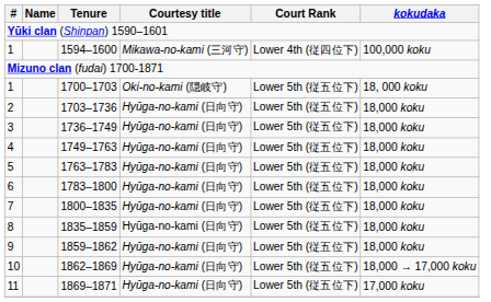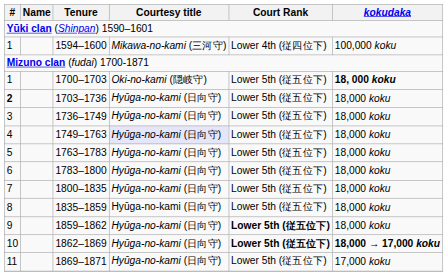 <table class=wikitable>
 <tr>
 <th>#</th>
 <th>Name</th>
 <th>Tenure</th>
 <th>Courtesy title</th>
 <th>Court Rank</th>
 <th><em><a href='#'>kokudaka</a></em></th>
 </tr>
 <tr>
 <td colspan=6> <strong><a href='#'>Yūki clan</a></strong> (<em><a href='#'>Shinpan</a></em>) 1590–1601</td>
 </tr>
 <tr>
 <td>1</td>
 <td></td>
 <td>1594–1600</td>
 <td><em>Mikawa-no-kami</em> (三河守)</td>
 <td>Lower 4th (従四位下)</td>
 <td>100,000 <em>koku</em></td>
 </tr>
 <tr>
 <td colspan=6> <strong><a href='#'>Mizuno clan</a></strong> (<em>fudai</em>) 1700-1871</td>
 </tr>
 <tr>
 <td>1</td>
 <td></td>
 <td>1700–1703</td>
 <td><em>Oki-no-kami</em> (隠岐守)</td>
 <td>Lower 5th (従五位下)</td>
-<td>18, 000 <em>koku</em></td>
+<td><strong>18, 000 <em>koku</em></strong></td>
 </tr>
 <tr>
-<td>2</td>
+<td><strong>2</strong></td>
 <td></td>
 <td>1703–1736</td>
 <td><em>Hyūga-no-kami</em> (日向守)</td>
 <td>Lower 5th (従五位下)</td>
 <td>18,000 <em>koku</em></td>
 </tr>
 <tr>
 <td>3</td>
 <td></td>
 <td>1736–1749</td>
 <td><em>Hyūga-no-kami</em> (日向守)</td>
 <td>Lower 5th (従五位下)</td>
 <td>18,000 <em>koku</em></td>
 </tr>
 <tr>
 <td>4</td>
 <td></td>
 <td>1749–1763</td>
-<td><em>Hyūga-no-kami</em> (日向守)</td>
+<td style="background: lavender;"><em>Hyūga-no-kami</em> (日向守)</td>
 <td>Lower 5th (従五位下)</td>
 <td>18,000 <em>koku</em></td>
 </tr>
 <tr>
 <td>5</td>
 <td></td>
 <td>1763–1783</td>
 <td><em>Hyūga-no-kami</em> (日向守)</td>
 <td>Lower 5th (従五位下)</td>
 <td>18,000 <em>koku</em></td>
 </tr>
 <tr>
 <td>6</td>
 <td></td>
 <td>1783–1800</td>
 <td><em>Hyūga-no-kami</em> (日向守)</td>
 <td>Lower 5th (従五位下)</td>
 <td>18,000 <em>koku</em></td>
 </tr>
 <tr>
 <td>7</td>
 <td></td>
 <td>1800–1835</td>
 <td><em>Hyūga-no-kami</em> (日向守)</td>
 <td>Lower 5th (従五位下)</td>
 <td>18,000 <em>koku</em></td>
 </tr>
 <tr>
 <td>8</td>
 <td></td>
 <td>1835–1859</td>
 <td>Hyūga-no-kami (日向守)</td>
 <td>Lower 5th (従五位下)</td>
 <td>18,000 <em>koku</em></td>
 </tr>
 <tr>
 <td>9</td>
 <td></td>
 <td>1859–1862</td>
 <td><em>Hyūga-no-kami</em> (日向守)</td>
-<td>Lower 5th (従五位下)</td>
+<td><strong>Lower 5th (従五位下)</strong></td>
 <td>18,000 <em>koku</em></td>
 </tr>
 <tr>
 <td>10</td>
 <td></td>
 <td>1862–1869</td>
 <td><em>Hyūga-no-kami</em> (日向守)</td>
-<td>Lower 5th (従五位下)</td>
-<td>18,000 → 17,000 <em>koku</em></td>
+<td><strong>Lower 5th (従五位下)</strong></td>
+<td><strong>18,000 → 17,000 <em>koku</em></strong></td>
 </tr>
 <tr>
 <td>11</td>
 <td></td>
 <td>1869–1871</td>
 <td><em>Hyūga-no-kami</em> (日向守)</td>
 <td>Lower 5th (従五位下)</td>
 <td>17,000 <em>koku</em></td>
 </tr>
 <tr>
 </tr>
 </table>
